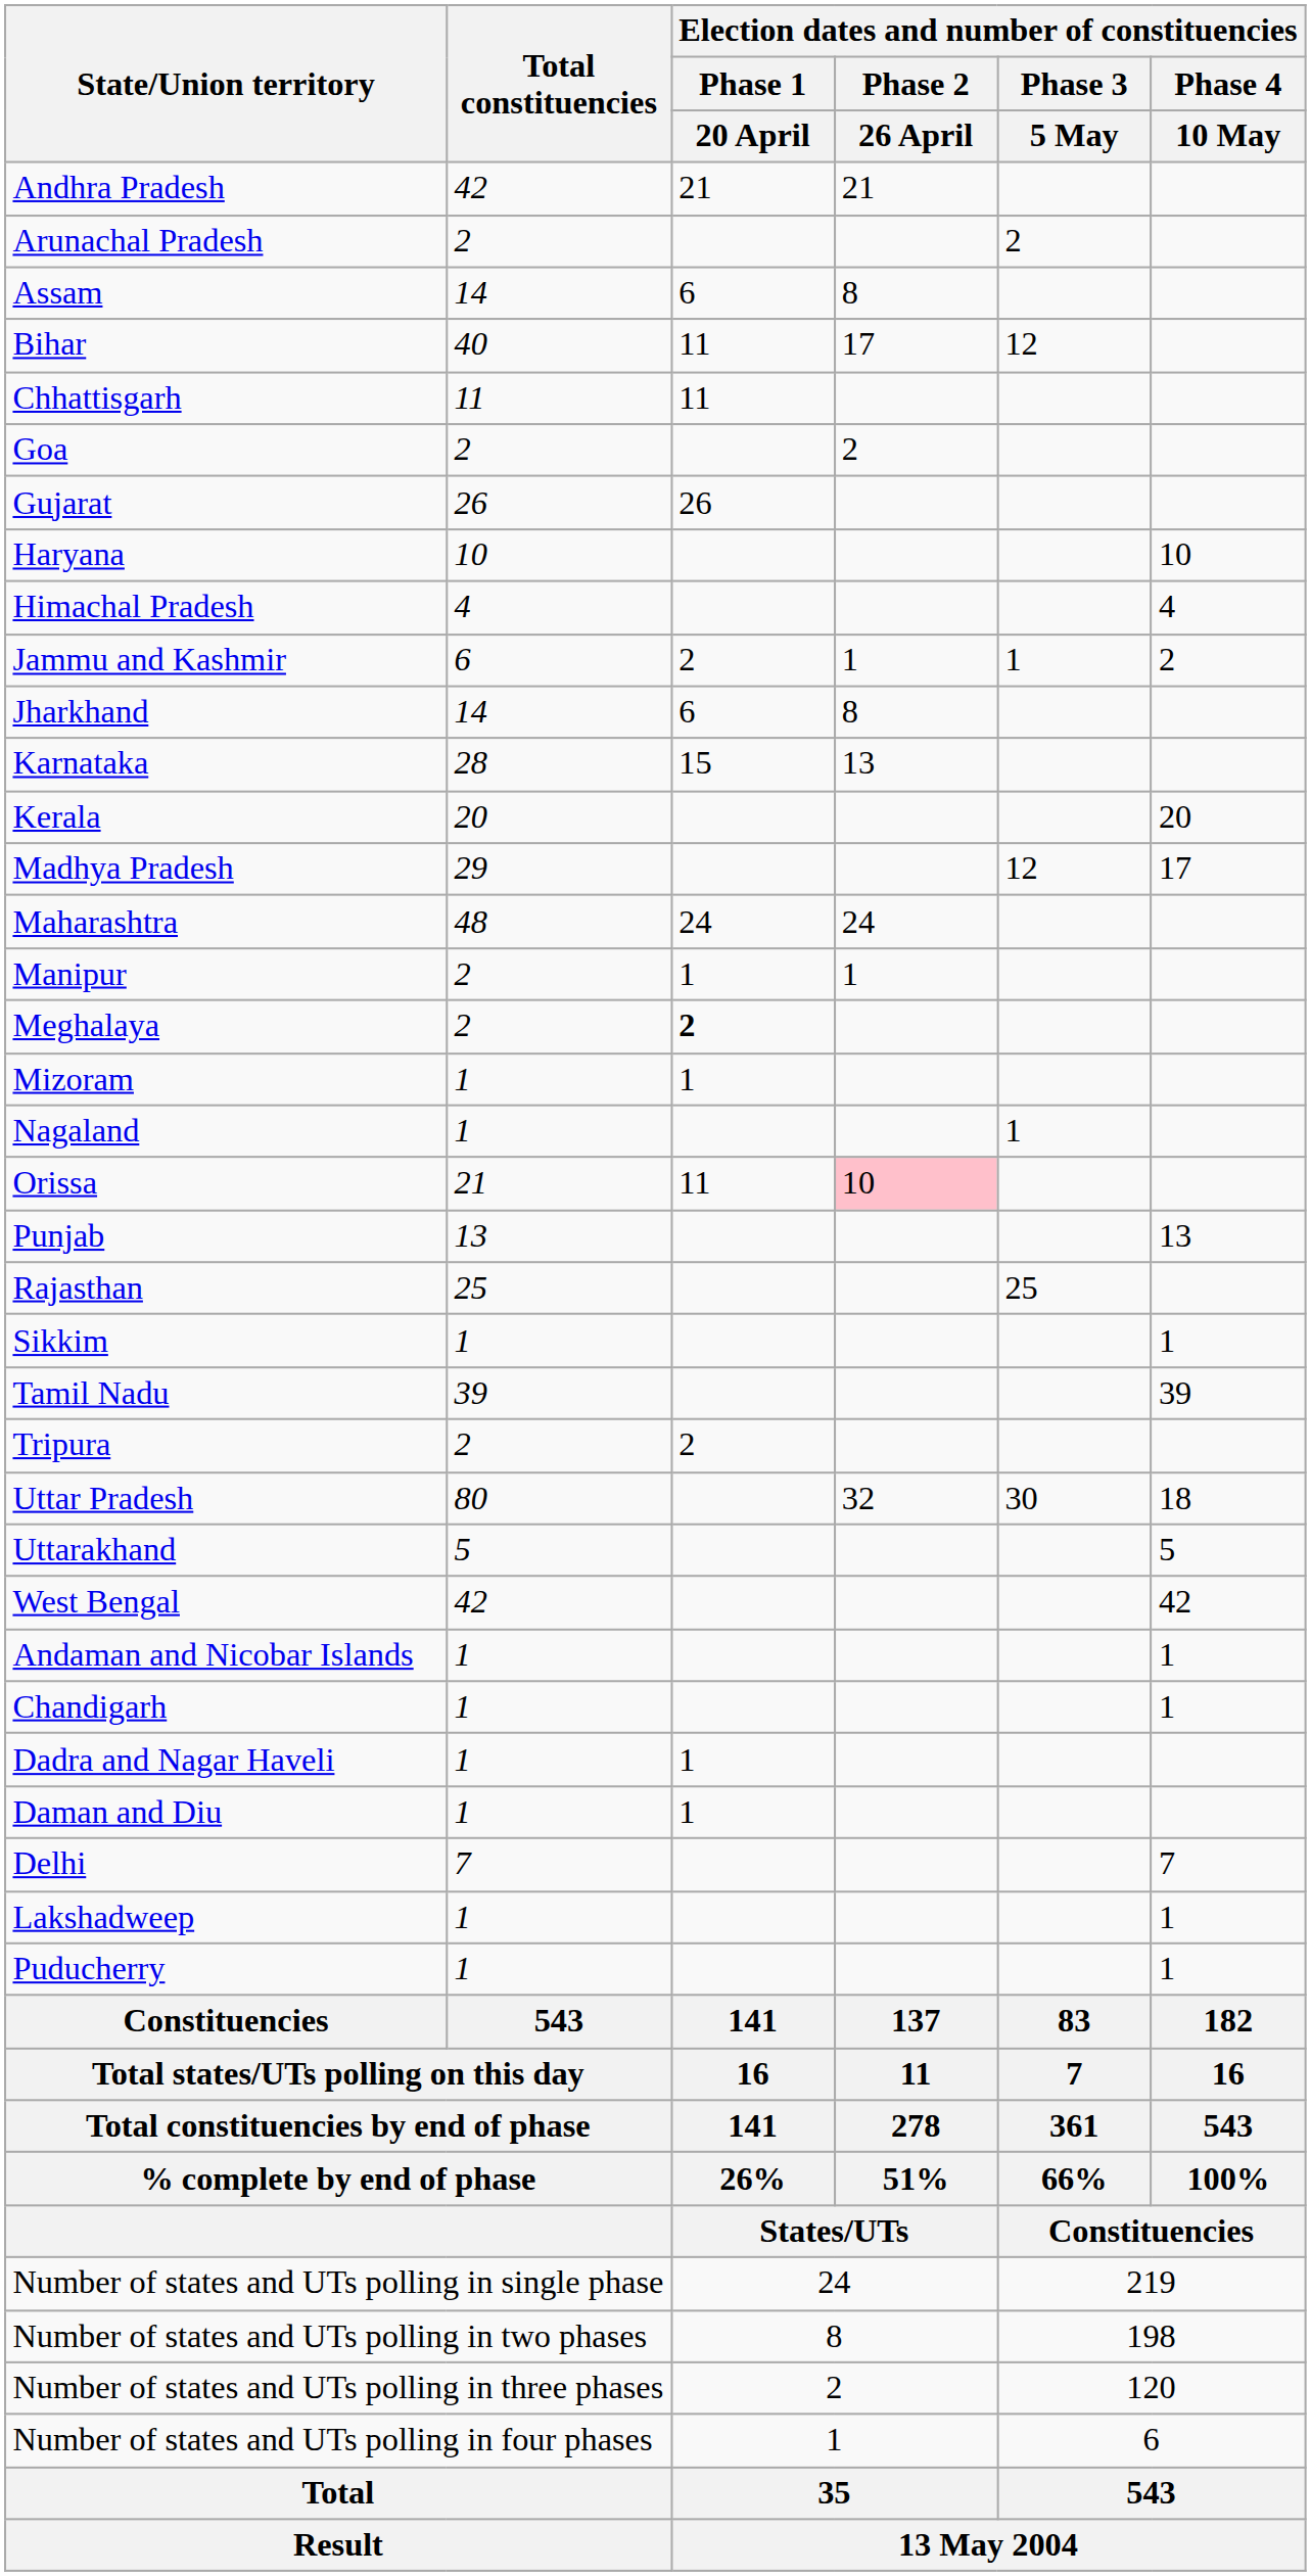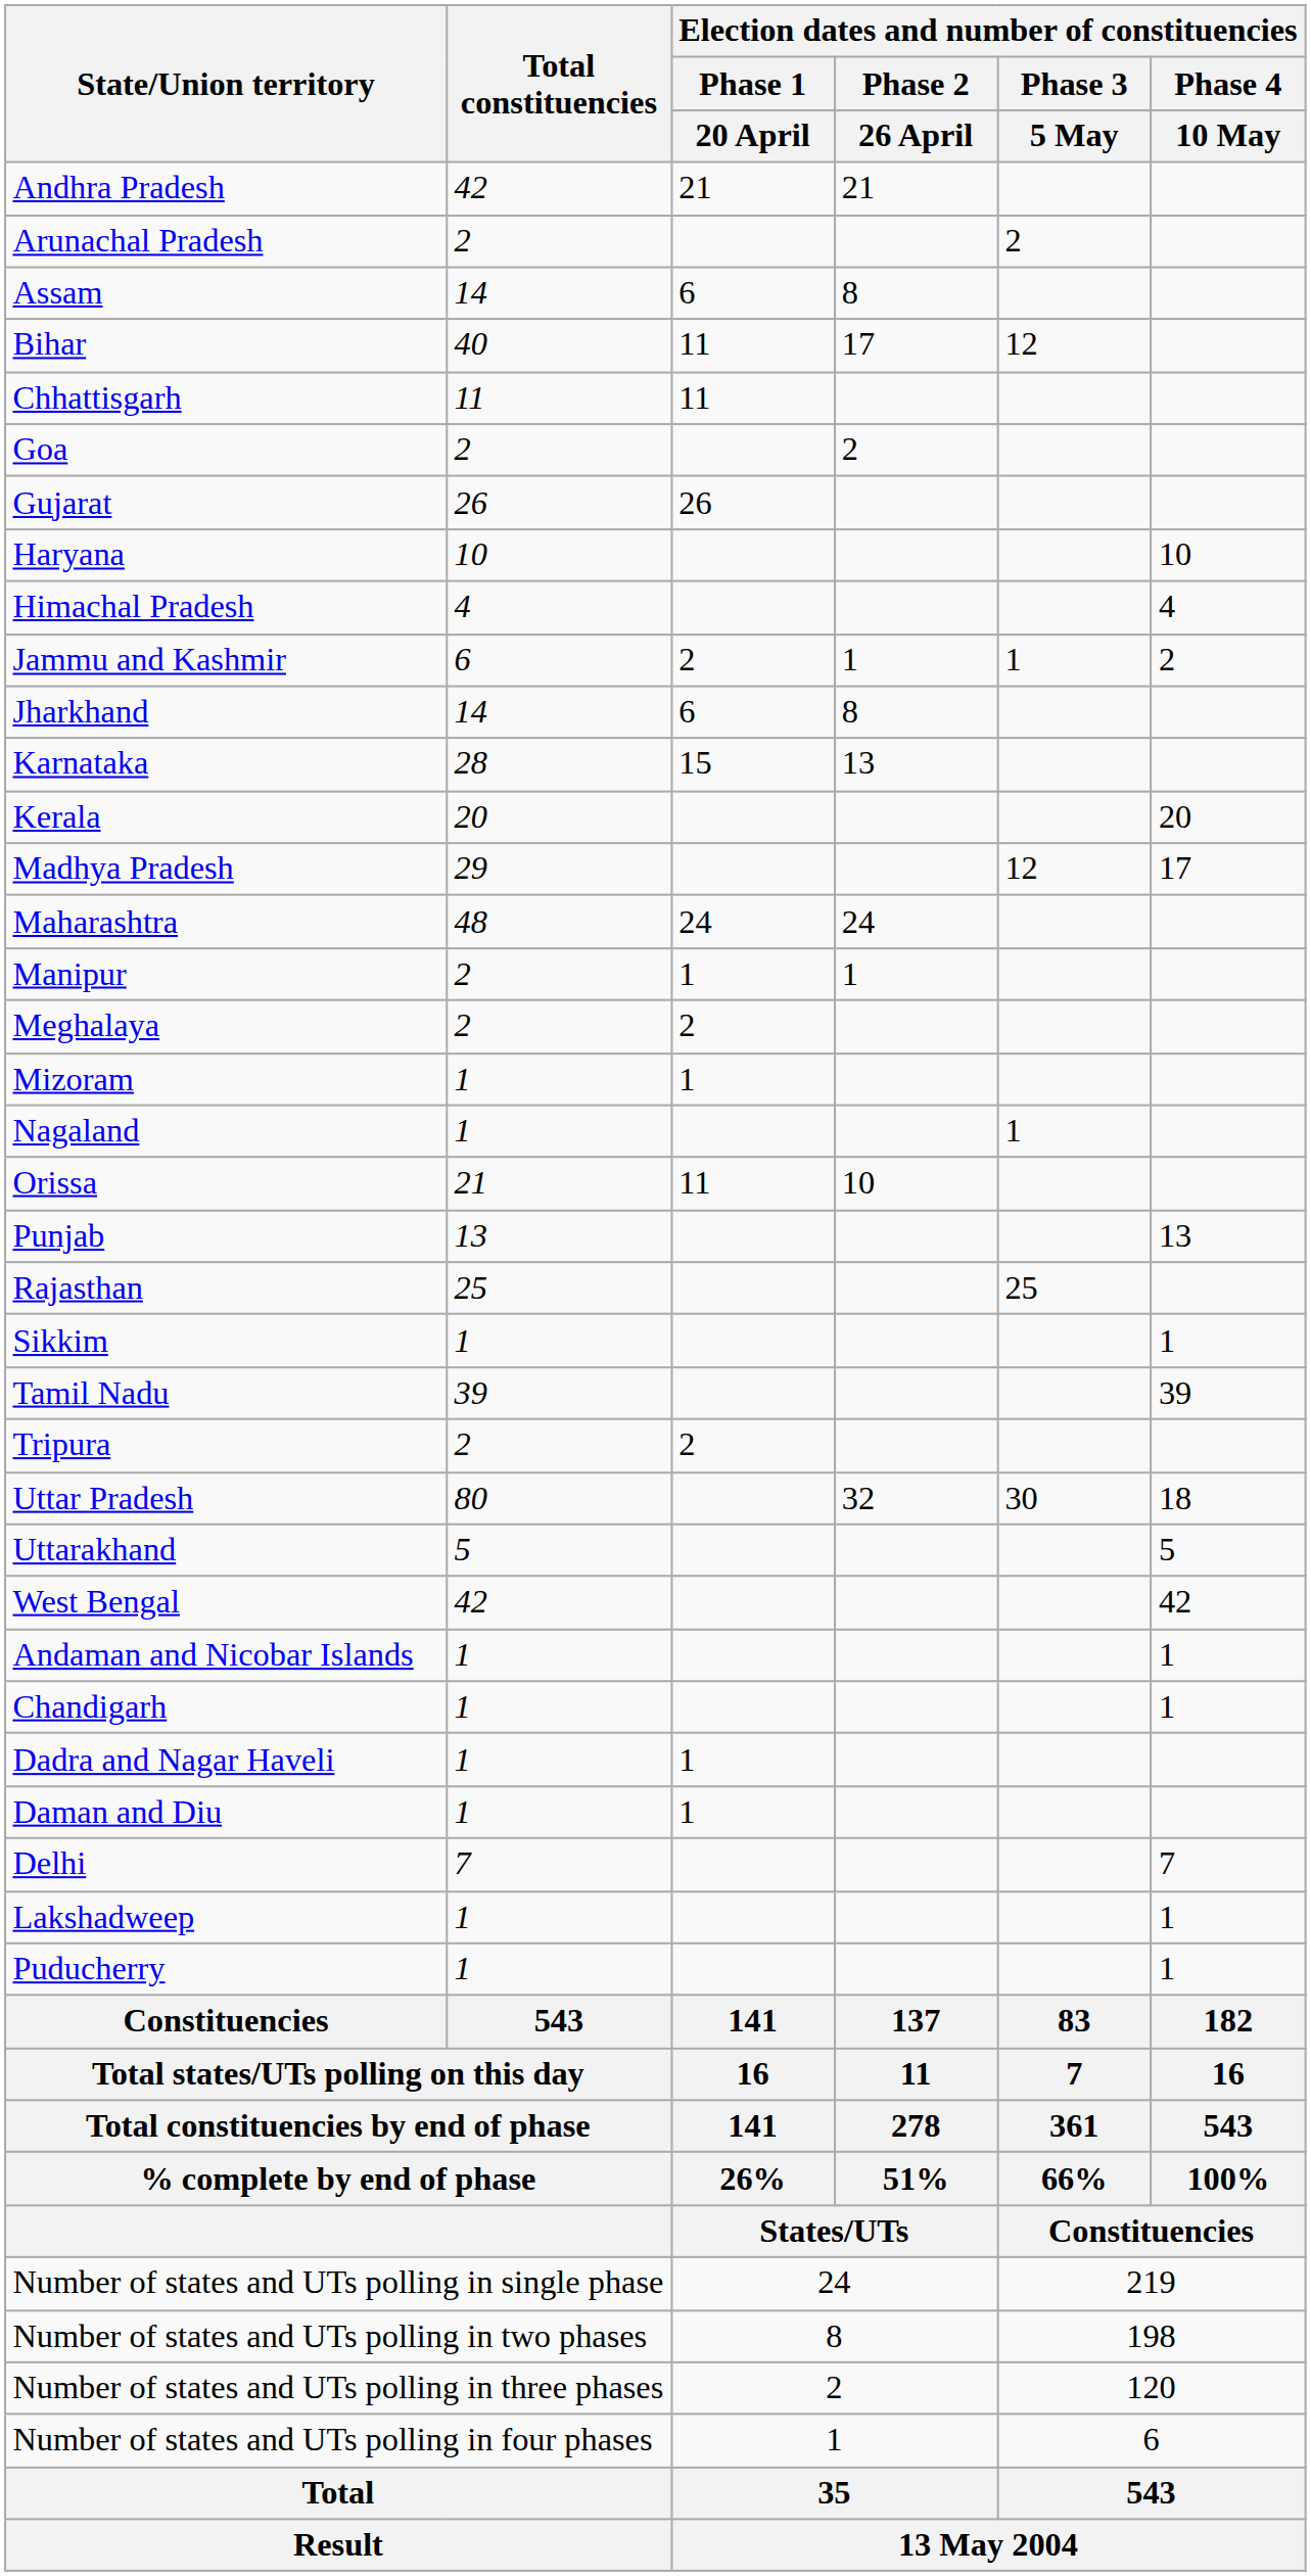 <table class="wikitable collapsible">
 <tr>
 <th rowspan="3">State/Union territory</th>
 <th rowspan="3">Total<br>constituencies</th>
 <th colspan="4">Election dates and number of constituencies</th>
 </tr>
 <tr>
 <th>Phase 1</th>
 <th>Phase 2</th>
 <th>Phase 3</th>
 <th>Phase 4</th>
 </tr>
 <tr>
 <th>20 April</th>
 <th>26 April</th>
 <th>5 May</th>
 <th>10 May</th>
 </tr>
 <tr>
 <td><a href='#'>Andhra Pradesh</a></td>
 <td><em>42</em></td>
 <td>21</td>
 <td>21</td>
 <td></td>
 <td></td>
 </tr>
 <tr>
 <td><a href='#'>Arunachal Pradesh</a></td>
 <td><em>2</em></td>
 <td></td>
 <td></td>
 <td>2</td>
 <td></td>
 </tr>
 <tr>
 <td><a href='#'>Assam</a></td>
 <td><em>14</em></td>
 <td>6</td>
 <td>8</td>
 <td></td>
 <td></td>
 </tr>
 <tr>
 <td><a href='#'>Bihar</a></td>
 <td><em>40</em></td>
 <td>11</td>
 <td>17</td>
 <td>12</td>
 <td></td>
 </tr>
 <tr>
 <td><a href='#'>Chhattisgarh</a></td>
 <td><em>11</em></td>
 <td>11</td>
 <td></td>
 <td></td>
 <td></td>
 </tr>
 <tr>
 <td><a href='#'>Goa</a></td>
 <td><em>2</em></td>
 <td></td>
 <td>2</td>
 <td></td>
 <td></td>
 </tr>
 <tr>
 <td><a href='#'>Gujarat</a></td>
 <td><em>26</em></td>
 <td>26</td>
 <td></td>
 <td></td>
 <td></td>
 </tr>
 <tr>
 <td><a href='#'>Haryana</a></td>
 <td><em>10</em></td>
 <td></td>
 <td></td>
 <td></td>
 <td>10</td>
 </tr>
 <tr>
 <td><a href='#'>Himachal Pradesh</a></td>
 <td><em>4</em></td>
 <td></td>
 <td></td>
 <td></td>
 <td>4</td>
 </tr>
 <tr>
 <td><a href='#'>Jammu and Kashmir</a></td>
 <td><em>6</em></td>
 <td>2</td>
 <td>1</td>
 <td>1</td>
 <td>2</td>
 </tr>
 <tr>
 <td><a href='#'>Jharkhand</a></td>
 <td><em>14</em></td>
 <td>6</td>
 <td>8</td>
 <td></td>
 <td></td>
 </tr>
 <tr>
 <td><a href='#'>Karnataka</a></td>
 <td><em>28</em></td>
 <td>15</td>
 <td>13</td>
 <td></td>
 <td></td>
 </tr>
 <tr>
 <td><a href='#'>Kerala</a></td>
 <td><em>20</em></td>
 <td></td>
 <td></td>
 <td></td>
 <td>20</td>
 </tr>
 <tr>
 <td><a href='#'>Madhya Pradesh</a></td>
 <td><em>29</em></td>
 <td></td>
 <td></td>
 <td>12</td>
 <td>17</td>
 </tr>
 <tr>
 <td><a href='#'>Maharashtra</a></td>
 <td><em>48</em></td>
 <td>24</td>
 <td>24</td>
 <td></td>
 <td></td>
 </tr>
 <tr>
 <td><a href='#'>Manipur</a></td>
 <td><em>2</em></td>
 <td>1</td>
 <td>1</td>
 <td></td>
 <td></td>
 </tr>
 <tr>
 <td><a href='#'>Meghalaya</a></td>
 <td><em>2</em></td>
-<td><strong>2</strong></td>
+<td>2</td>
 <td></td>
 <td></td>
 <td></td>
 </tr>
 <tr>
 <td><a href='#'>Mizoram</a></td>
 <td><em>1</em></td>
 <td>1</td>
 <td></td>
 <td></td>
 <td></td>
 </tr>
 <tr>
 <td><a href='#'>Nagaland</a></td>
 <td><em>1</em></td>
 <td></td>
 <td></td>
 <td>1</td>
 <td></td>
 </tr>
 <tr>
 <td><a href='#'>Orissa</a></td>
 <td><em>21</em></td>
 <td>11</td>
-<td style="background: pink;">10</td>
+<td>10</td>
 <td></td>
 <td></td>
 </tr>
 <tr>
 <td><a href='#'>Punjab</a></td>
 <td><em>13</em></td>
 <td></td>
 <td></td>
 <td></td>
 <td>13</td>
 </tr>
 <tr>
 <td><a href='#'>Rajasthan</a></td>
 <td><em>25</em></td>
 <td></td>
 <td></td>
 <td>25</td>
 <td></td>
 </tr>
 <tr>
 <td><a href='#'>Sikkim</a></td>
 <td><em>1</em></td>
 <td></td>
 <td></td>
 <td></td>
 <td>1</td>
 </tr>
 <tr>
 <td><a href='#'>Tamil Nadu</a></td>
 <td><em>39</em></td>
 <td></td>
 <td></td>
 <td></td>
 <td>39</td>
 </tr>
 <tr>
 <td><a href='#'>Tripura</a></td>
 <td><em>2</em></td>
 <td>2</td>
 <td></td>
 <td></td>
 <td></td>
 </tr>
 <tr>
 <td><a href='#'>Uttar Pradesh</a></td>
 <td><em>80</em></td>
 <td></td>
 <td>32</td>
 <td>30</td>
 <td>18</td>
 </tr>
 <tr>
 <td><a href='#'>Uttarakhand</a></td>
 <td><em>5</em></td>
 <td></td>
 <td></td>
 <td></td>
 <td>5</td>
 </tr>
 <tr>
 <td><a href='#'>West Bengal</a></td>
 <td><em>42</em></td>
 <td></td>
 <td></td>
 <td></td>
 <td>42</td>
 </tr>
 <tr>
 <td><a href='#'>Andaman and Nicobar Islands</a></td>
 <td><em>1</em></td>
 <td></td>
 <td></td>
 <td></td>
 <td>1</td>
 </tr>
 <tr>
 <td><a href='#'>Chandigarh</a></td>
 <td><em>1</em></td>
 <td></td>
 <td></td>
 <td></td>
 <td>1</td>
 </tr>
 <tr>
 <td><a href='#'>Dadra and Nagar Haveli</a></td>
 <td><em>1</em></td>
 <td>1</td>
 <td></td>
 <td></td>
 <td></td>
 </tr>
 <tr>
 <td><a href='#'>Daman and Diu</a></td>
 <td><em>1</em></td>
 <td>1</td>
 <td></td>
 <td></td>
 <td></td>
 </tr>
 <tr>
 <td><a href='#'>Delhi</a></td>
 <td><em>7</em></td>
 <td></td>
 <td></td>
 <td></td>
 <td>7</td>
 </tr>
 <tr>
 <td><a href='#'>Lakshadweep</a></td>
 <td><em>1</em></td>
 <td></td>
 <td></td>
 <td></td>
 <td>1</td>
 </tr>
 <tr>
 <td><a href='#'>Puducherry</a></td>
 <td><em>1</em></td>
 <td></td>
 <td></td>
 <td></td>
 <td>1</td>
 </tr>
 <tr>
 <th>Constituencies</th>
 <th>543</th>
 <th>141</th>
 <th>137</th>
 <th>83</th>
 <th>182</th>
 </tr>
 <tr>
 <th colspan=2>Total states/UTs polling on this day</th>
 <th>16</th>
 <th>11</th>
 <th>7</th>
 <th>16</th>
 </tr>
 <tr>
 <th colspan=2>Total constituencies by end of phase</th>
 <th>141</th>
 <th>278</th>
 <th>361</th>
 <th>543</th>
 </tr>
 <tr>
 <th colspan=2>% complete by end of phase</th>
 <th>26%</th>
 <th>51%</th>
 <th>66%</th>
 <th>100%</th>
 </tr>
 <tr>
 <th colspan=2></th>
 <th colspan=2>States/UTs</th>
 <th colspan=2>Constituencies</th>
 </tr>
 <tr>
 <td colspan=2>Number of states and UTs polling in single phase</td>
 <td colspan="2" style="text-align:center;">24</td>
 <td colspan="2" style="text-align:center;">219</td>
 </tr>
 <tr>
 <td colspan=2>Number of states and UTs polling in two phases</td>
 <td colspan="2" style="text-align:center;">8</td>
 <td colspan="2" style="text-align:center;">198</td>
 </tr>
 <tr>
 <td colspan=2>Number of states and UTs polling in three phases</td>
 <td colspan="2" style="text-align:center;">2</td>
 <td colspan="2" style="text-align:center;">120</td>
 </tr>
 <tr>
 <td colspan=2>Number of states and UTs polling in four phases</td>
 <td colspan="2" style="text-align:center;">1</td>
 <td colspan="2" style="text-align:center;">6</td>
 </tr>
 <tr>
 <th colspan=2>Total</th>
 <th colspan="2" style="text-align:center;">35</th>
 <th colspan="2" style="text-align:center;">543</th>
 </tr>
 <tr>
 <th colspan=2>Result</th>
 <th colspan="4">13 May 2004</th>
 </tr>
 </table>
